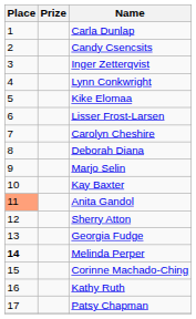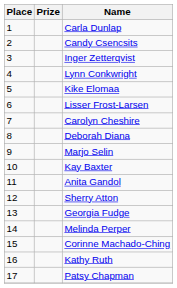 <table class="wikitable">
 <tr>
 <th>Place</th>
 <th>Prize</th>
 <th>Name</th>
 </tr>
 <tr>
 <td>1</td>
 <td></td>
 <td> <a href='#'>Carla Dunlap</a></td>
 </tr>
 <tr>
 <td>2</td>
 <td></td>
 <td> <a href='#'>Candy Csencsits</a></td>
 </tr>
 <tr>
 <td>3</td>
 <td></td>
 <td> <a href='#'>Inger Zetterqvist</a></td>
 </tr>
 <tr>
 <td>4</td>
 <td></td>
 <td> <a href='#'>Lynn Conkwright</a></td>
 </tr>
 <tr>
 <td>5</td>
 <td></td>
 <td> <a href='#'>Kike Elomaa</a></td>
 </tr>
 <tr>
 <td>6</td>
 <td></td>
 <td> <a href='#'>Lisser Frost-Larsen</a></td>
 </tr>
 <tr>
 <td>7</td>
 <td></td>
 <td> <a href='#'>Carolyn Cheshire</a></td>
 </tr>
 <tr>
 <td>8</td>
 <td></td>
 <td> <a href='#'>Deborah Diana</a></td>
 </tr>
 <tr>
 <td>9</td>
 <td></td>
 <td> <a href='#'>Marjo Selin</a></td>
 </tr>
 <tr>
 <td>10</td>
 <td></td>
 <td> <a href='#'>Kay Baxter</a></td>
 </tr>
 <tr>
-<td style="background: lightsalmon;">11</td>
+<td>11</td>
 <td></td>
 <td> <a href='#'>Anita Gandol</a></td>
 </tr>
 <tr>
 <td>12</td>
 <td></td>
 <td> <a href='#'>Sherry Atton</a></td>
 </tr>
 <tr>
 <td>13</td>
 <td></td>
 <td> <a href='#'>Georgia Fudge</a></td>
 </tr>
 <tr>
-<td><strong>14</strong></td>
+<td>14</td>
 <td></td>
 <td> <a href='#'>Melinda Perper</a></td>
 </tr>
 <tr>
 <td>15</td>
 <td></td>
 <td> <a href='#'>Corinne Machado-Ching</a></td>
 </tr>
 <tr>
 <td>16</td>
 <td></td>
 <td> <a href='#'>Kathy Ruth</a></td>
 </tr>
 <tr>
 <td>17</td>
 <td></td>
 <td> <a href='#'>Patsy Chapman</a></td>
 </tr>
 <tr>
 </tr>
 </table>
